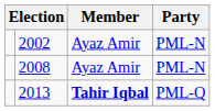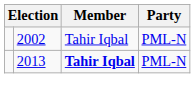 <table class="wikitable">
 <tr>
 <th colspan="2">Election</th>
 <th>Member</th>
 <th>Party</th>
 </tr>
 <tr>
 <td style="background-color: "></td>
 <td><a href='#'>2002</a></td>
-<td><a href='#'>Ayaz Amir</a></td>
-<td><a href='#'>PML-N</a></td>
-</tr>
-<tr>
-<td style="background-color: "></td>
-<td><a href='#'>2008</a></td>
-<td><a href='#'>Ayaz Amir</a></td>
+<td><a href='#'>Tahir Iqbal</a></td>
 <td><a href='#'>PML-N</a></td>
 </tr>
 <tr>
 <td style="background-color: "></td>
 <td><a href='#'>2013</a></td>
 <td><strong><a href='#'>Tahir Iqbal</a></strong></td>
-<td><a href='#'>PML-Q</a></td>
+<td><a href='#'>PML-N</a></td>
 </tr>
 </table>
